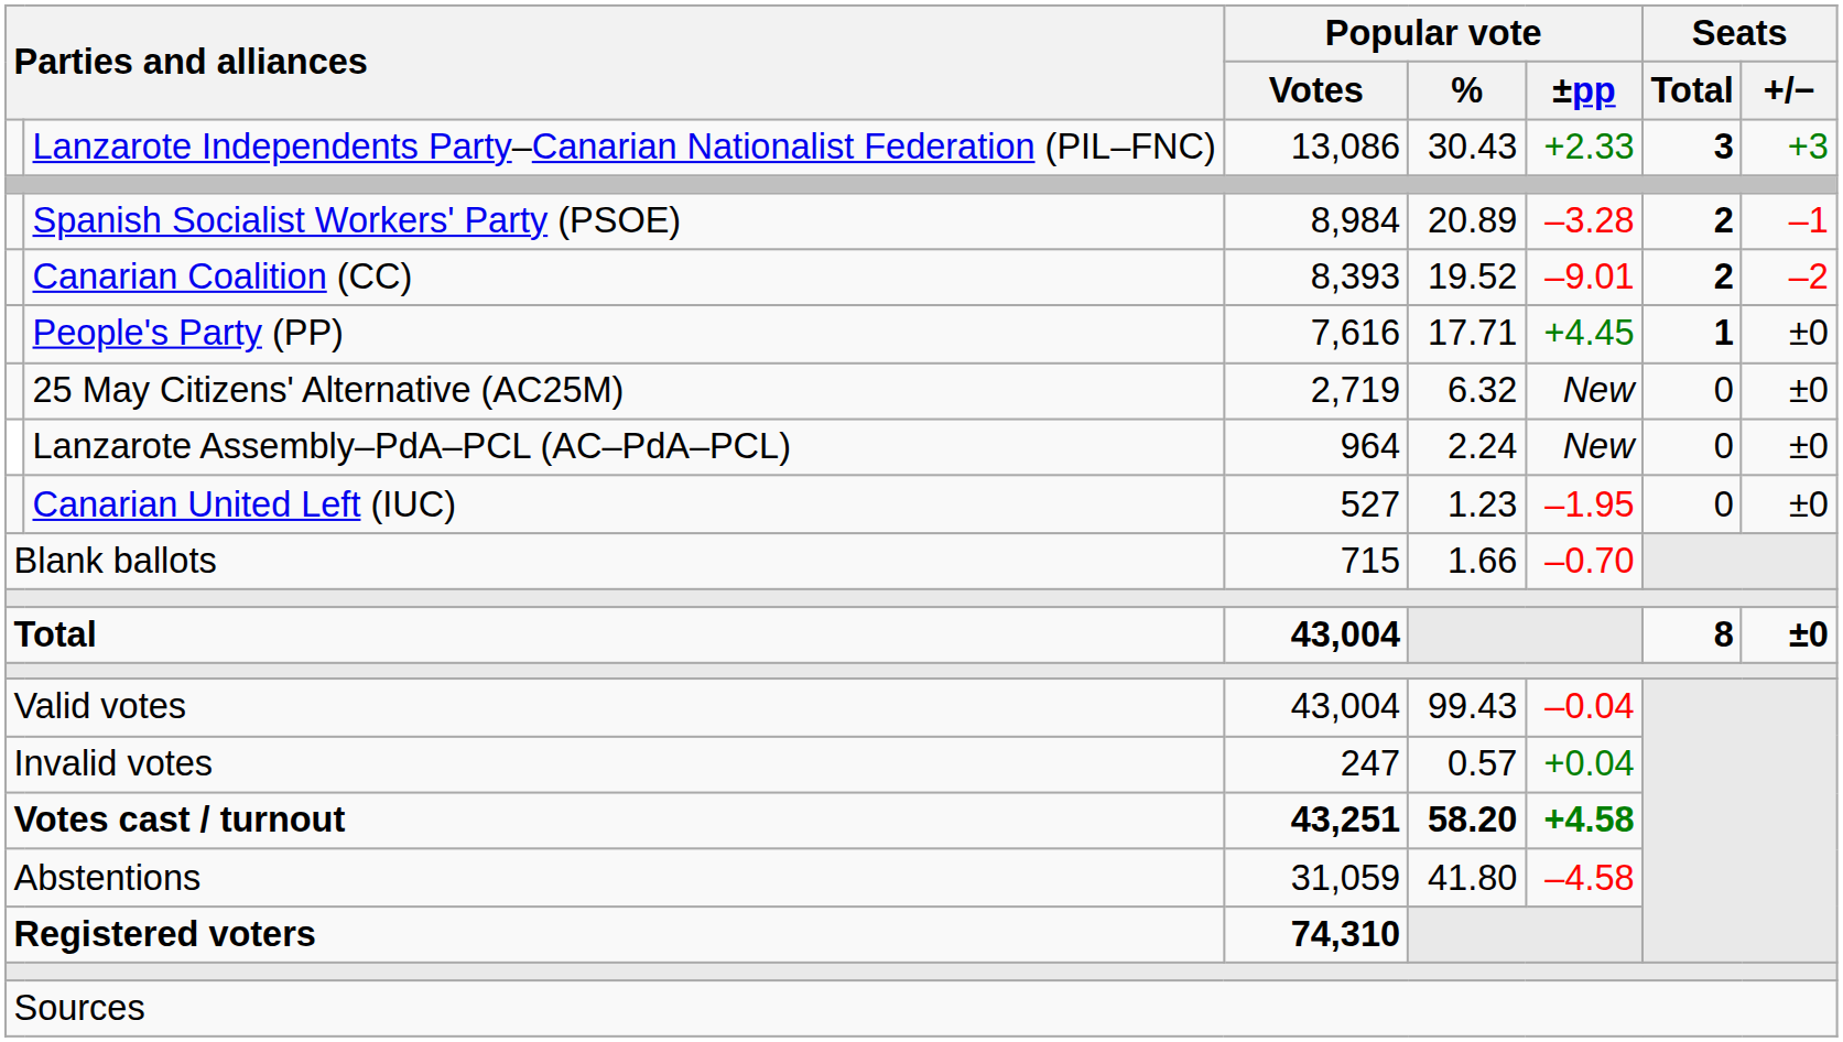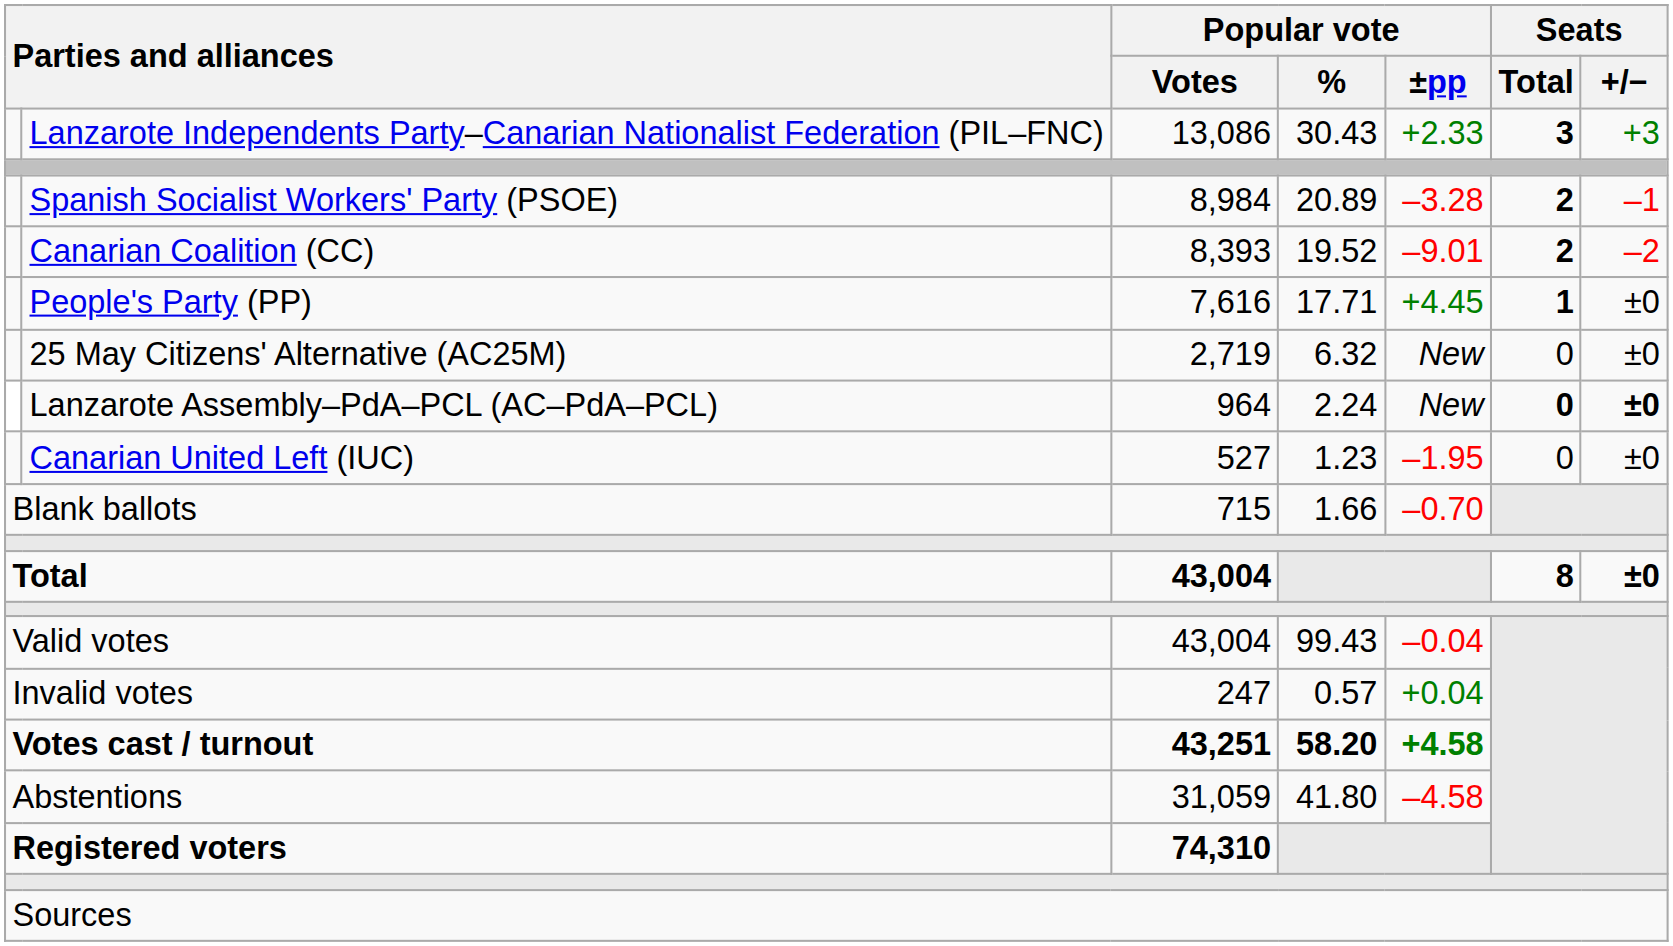 <table class="wikitable" style="text-align:right;">
 <tr>
 <th style="text-align:left;" rowspan="2" colspan="2" width="525">Parties and alliances</th>
 <th colspan="3">Popular vote</th>
 <th colspan="2">Seats</th>
 </tr>
 <tr>
 <th width="75">Votes</th>
 <th width="45">%</th>
 <th width="45">±<a href='#'>pp</a></th>
 <th width="35">Total</th>
 <th width="35">+/−</th>
 </tr>
 <tr>
 <td width="1" style="color:inherit;background:"></td>
 <td align="left"><a href='#'>Lanzarote Independents Party</a>–<a href='#'>Canarian Nationalist Federation</a> (PIL–FNC)</td>
 <td>13,086</td>
 <td>30.43</td>
 <td style="color:green;">+2.33</td>
 <td><strong>3</strong></td>
 <td style="color:green;">+3</td>
 </tr>
 <tr>
 <td colspan="7" bgcolor="#C0C0C0"></td>
 </tr>
 <tr>
 <td style="color:inherit;background:"></td>
 <td align="left"><a href='#'>Spanish Socialist Workers' Party</a> (PSOE)</td>
 <td>8,984</td>
 <td>20.89</td>
 <td style="color:red;">–3.28</td>
 <td><strong>2</strong></td>
 <td style="color:red;">–1</td>
 </tr>
 <tr>
 <td style="color:inherit;background:"></td>
 <td align="left"><a href='#'>Canarian Coalition</a> (CC)</td>
 <td>8,393</td>
 <td>19.52</td>
 <td style="color:red;">–9.01</td>
 <td><strong>2</strong></td>
 <td style="color:red;">–2</td>
 </tr>
 <tr>
 <td style="color:inherit;background:"></td>
 <td align="left"><a href='#'>People's Party</a> (PP)</td>
 <td>7,616</td>
 <td>17.71</td>
 <td style="color:green;">+4.45</td>
 <td><strong>1</strong></td>
 <td>±0</td>
 </tr>
 <tr>
 <td style="color:inherit;background:"></td>
 <td align="left">25 May Citizens' Alternative (AC25M)</td>
 <td>2,719</td>
 <td>6.32</td>
 <td><em>New</em></td>
 <td>0</td>
 <td>±0</td>
 </tr>
 <tr>
 <td bgcolor="white"></td>
 <td align="left">Lanzarote Assembly–PdA–PCL (AC–PdA–PCL)</td>
 <td>964</td>
 <td>2.24</td>
 <td><em>New</em></td>
-<td>0</td>
-<td>±0</td>
+<td><strong>0</strong></td>
+<td><strong>±0</strong></td>
 </tr>
 <tr>
 <td style="color:inherit;background:"></td>
 <td align="left"><a href='#'>Canarian United Left</a> (IUC)</td>
 <td>527</td>
 <td>1.23</td>
 <td style="color:red;">–1.95</td>
 <td>0</td>
 <td>±0</td>
 </tr>
 <tr>
 <td align="left" colspan="2">Blank ballots</td>
 <td>715</td>
 <td>1.66</td>
 <td style="color:red;">–0.70</td>
 <td bgcolor="#E9E9E9" colspan="2"></td>
 </tr>
 <tr>
 <td colspan="7" bgcolor="#E9E9E9"></td>
 </tr>
 <tr style="font-weight:bold;">
 <td align="left" colspan="2">Total</td>
 <td>43,004</td>
 <td bgcolor="#E9E9E9" colspan="2"></td>
 <td>8</td>
 <td>±0</td>
 </tr>
 <tr>
 <td colspan="7" bgcolor="#E9E9E9"></td>
 </tr>
 <tr>
 <td align="left" colspan="2">Valid votes</td>
 <td>43,004</td>
 <td>99.43</td>
 <td style="color:red;">–0.04</td>
 <td bgcolor="#E9E9E9" colspan="2" rowspan="5"></td>
 </tr>
 <tr>
 <td align="left" colspan="2">Invalid votes</td>
 <td>247</td>
 <td>0.57</td>
 <td style="color:green;">+0.04</td>
 </tr>
 <tr style="font-weight:bold;">
 <td align="left" colspan="2">Votes cast / turnout</td>
 <td>43,251</td>
 <td>58.20</td>
 <td style="color:green;">+4.58</td>
 </tr>
 <tr>
 <td align="left" colspan="2">Abstentions</td>
 <td>31,059</td>
 <td>41.80</td>
 <td style="color:red;">–4.58</td>
 </tr>
 <tr style="font-weight:bold;">
 <td align="left" colspan="2">Registered voters</td>
 <td>74,310</td>
 <td bgcolor="#E9E9E9" colspan="2"></td>
 </tr>
 <tr>
 <td colspan="7" bgcolor="#E9E9E9"></td>
 </tr>
 <tr>
 <td align="left" colspan="7">Sources</td>
 </tr>
 </table>
